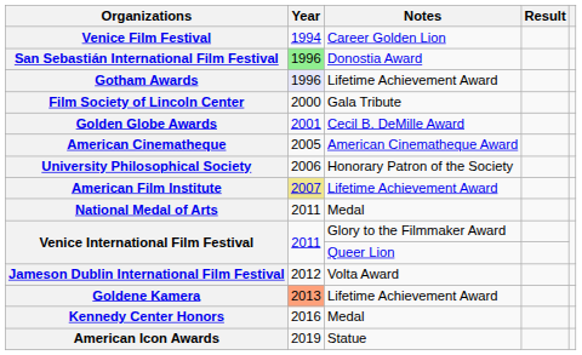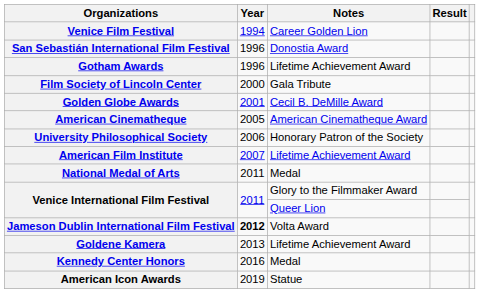 <table class= "wikitable plainrowheaders sortable">
 <tr>
 <th>Organizations</th>
 <th scope="col">Year</th>
 <th scope="col">Notes</th>
 <th scope="col">Result</th>
 <th scope="col" class="unsortable"></th>
 </tr>
 <tr>
 <th rowspan="1" scope="row"><a href='#'>Venice Film Festival</a></th>
 <td align="center"><a href='#'>1994</a></td>
 <td><a href='#'>Career Golden Lion</a></td>
 <td></td>
 <td align="center"></td>
 </tr>
 <tr>
 <th rowspan="1" scope="row"><a href='#'>San Sebastián International Film Festival</a></th>
-<td align="center" style="background: lightgreen;">1996</td>
+<td align="center">1996</td>
 <td><a href='#'>Donostia Award</a></td>
 <td></td>
 <td align="center"></td>
 </tr>
 <tr>
 <th rowspan="1" scope="row"><a href='#'>Gotham Awards</a></th>
-<td align="center" style="background: lavender;">1996</td>
+<td align="center">1996</td>
 <td>Lifetime Achievement Award</td>
 <td></td>
 <td></td>
 </tr>
 <tr>
 <th rowspan="1" scope="row"><a href='#'>Film Society of Lincoln Center</a></th>
 <td align="center">2000</td>
 <td>Gala Tribute</td>
 <td></td>
 <td align="center"></td>
 </tr>
 <tr>
 <th rowspan="1" scope="row"><a href='#'>Golden Globe Awards</a></th>
 <td align="center"><a href='#'>2001</a></td>
 <td><a href='#'>Cecil B. DeMille Award</a></td>
 <td></td>
 <td align="center"></td>
 </tr>
 <tr>
 <th rowspan="1" scope="row"><a href='#'>American Cinematheque</a></th>
 <td align="center">2005</td>
 <td><a href='#'>American Cinematheque Award</a></td>
 <td></td>
 <td align="center"></td>
 </tr>
 <tr>
 <th rowspan="1" scope="row"><a href='#'>University Philosophical Society</a></th>
 <td align="center">2006</td>
 <td>Honorary Patron of the Society</td>
 <td></td>
 <td align="center"></td>
 </tr>
 <tr>
 <th rowspan="1" scope="row"><a href='#'>American Film Institute</a></th>
-<td align="center" style="background: khaki;"><a href='#'>2007</a></td>
+<td align="center"><a href='#'>2007</a></td>
 <td><a href='#'>Lifetime Achievement Award</a></td>
 <td></td>
 <td align="center"></td>
 </tr>
 <tr>
 <th rowspan="1" scope="row"><a href='#'>National Medal of Arts</a></th>
 <td align="center">2011</td>
 <td>Medal</td>
 <td></td>
 <td align="center"></td>
 </tr>
 <tr>
 <th rowspan="2" scope="row">Venice International Film Festival</th>
 <td align="center", rowspan="2"><a href='#'>2011</a></td>
 <td>Glory to the Filmmaker Award</td>
 <td></td>
 <td align="center", rowspan=2></td>
 </tr>
 <tr>
 <td><a href='#'>Queer Lion</a></td>
 <td></td>
 </tr>
 <tr>
 <th rowspan="1" scope="row"><a href='#'>Jameson Dublin International Film Festival</a></th>
-<td align="center">2012</td>
+<td align="center"><strong>2012</strong></td>
 <td>Volta Award</td>
 <td></td>
 <td align="center"></td>
 </tr>
 <tr>
 <th rowspan="1" scope="row"><a href='#'>Goldene Kamera</a></th>
-<td align="center" style="background: lightsalmon;">2013</td>
+<td align="center">2013</td>
 <td>Lifetime Achievement Award</td>
 <td></td>
 <td align="center"></td>
 </tr>
 <tr>
 <th rowspan="1" scope="row"><a href='#'>Kennedy Center Honors</a></th>
 <td align="center">2016</td>
 <td>Medal</td>
 <td></td>
 <td align="center"></td>
 </tr>
 <tr>
 <th rowspan="1" scope="row">American Icon Awards</th>
 <td align="center">2019</td>
 <td>Statue</td>
 <td></td>
 <td align="center"></td>
 </tr>
 </table>
